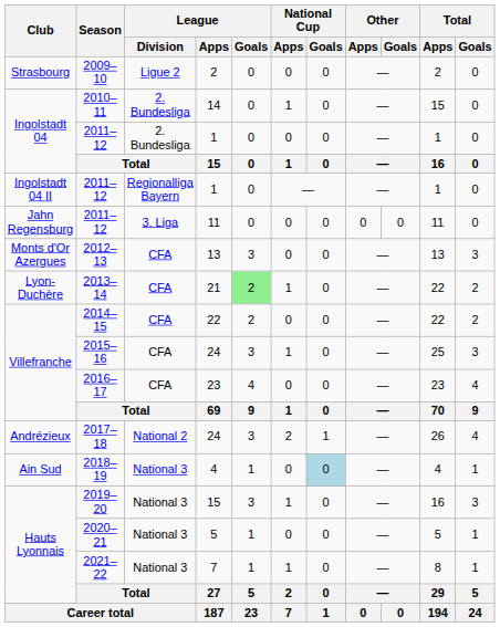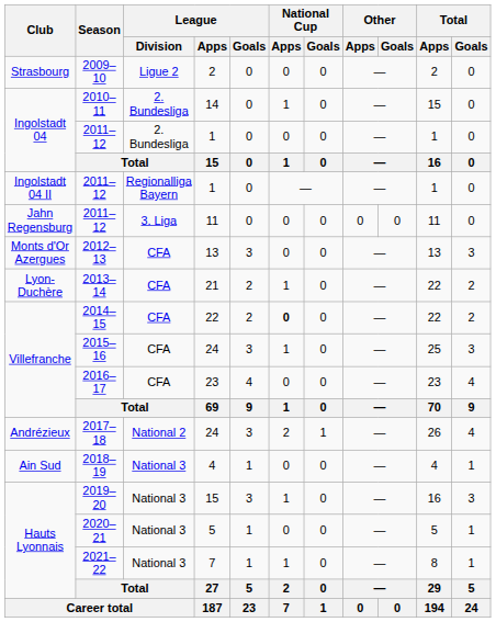 <table class="wikitable" style="text-align:center">
 <tr>
 <th rowspan="2">Club</th>
 <th rowspan="2">Season</th>
 <th colspan="3">League</th>
 <th colspan="2">National Cup</th>
 <th colspan="2">Other</th>
 <th colspan="2">Total</th>
 </tr>
 <tr>
 <th>Division</th>
 <th>Apps</th>
 <th>Goals</th>
 <th>Apps</th>
 <th>Goals</th>
 <th>Apps</th>
 <th>Goals</th>
 <th>Apps</th>
 <th>Goals</th>
 </tr>
 <tr>
 <td><a href='#'>Strasbourg</a></td>
 <td><a href='#'>2009–10</a></td>
 <td><a href='#'>Ligue 2</a></td>
 <td>2</td>
 <td>0</td>
 <td>0</td>
 <td>0</td>
 <td colspan="2">—</td>
 <td>2</td>
 <td>0</td>
 </tr>
 <tr>
 <td rowspan="3"><a href='#'>Ingolstadt 04</a></td>
 <td><a href='#'>2010–11</a></td>
 <td><a href='#'>2. Bundesliga</a></td>
 <td>14</td>
 <td>0</td>
 <td>1</td>
 <td>0</td>
 <td colspan="2">—</td>
 <td>15</td>
 <td>0</td>
 </tr>
 <tr>
 <td><a href='#'>2011–12</a></td>
 <td>2. Bundesliga</td>
 <td>1</td>
 <td>0</td>
 <td>0</td>
 <td>0</td>
 <td colspan="2">—</td>
 <td>1</td>
 <td>0</td>
 </tr>
 <tr>
 <th colspan="2">Total</th>
 <th>15</th>
 <th>0</th>
 <th>1</th>
 <th>0</th>
 <th colspan="2">—</th>
 <th>16</th>
 <th>0</th>
 </tr>
 <tr>
 <td><a href='#'>Ingolstadt 04 II</a></td>
 <td><a href='#'>2011–12</a></td>
 <td><a href='#'>Regionalliga Bayern</a></td>
 <td>1</td>
 <td>0</td>
 <td colspan="2">—</td>
 <td colspan="2">—</td>
 <td>1</td>
 <td>0</td>
 </tr>
 <tr>
 <td><a href='#'>Jahn Regensburg</a></td>
 <td><a href='#'>2011–12</a></td>
 <td><a href='#'>3. Liga</a></td>
 <td>11</td>
 <td>0</td>
 <td>0</td>
 <td>0</td>
 <td>0</td>
 <td>0</td>
 <td>11</td>
 <td>0</td>
 </tr>
 <tr>
 <td><a href='#'>Monts d'Or Azergues</a></td>
 <td><a href='#'>2012–13</a></td>
 <td><a href='#'>CFA</a></td>
 <td>13</td>
 <td>3</td>
 <td>0</td>
 <td>0</td>
 <td colspan="2">—</td>
 <td>13</td>
 <td>3</td>
 </tr>
 <tr>
 <td><a href='#'>Lyon-Duchère</a></td>
 <td><a href='#'>2013–14</a></td>
 <td><a href='#'>CFA</a></td>
 <td>21</td>
-<td style="background: lightgreen;">2</td>
+<td>2</td>
 <td>1</td>
 <td>0</td>
 <td colspan="2">—</td>
 <td>22</td>
 <td>2</td>
 </tr>
 <tr>
 <td rowspan="4"><a href='#'>Villefranche</a></td>
 <td><a href='#'>2014–15</a></td>
 <td><a href='#'>CFA</a></td>
 <td>22</td>
 <td>2</td>
-<td>0</td>
+<td><strong>0</strong></td>
 <td>0</td>
 <td colspan="2">—</td>
 <td>22</td>
 <td>2</td>
 </tr>
 <tr>
 <td><a href='#'>2015–16</a></td>
 <td>CFA</td>
 <td>24</td>
 <td>3</td>
 <td>1</td>
 <td>0</td>
 <td colspan="2">—</td>
 <td>25</td>
 <td>3</td>
 </tr>
 <tr>
 <td><a href='#'>2016–17</a></td>
 <td>CFA</td>
 <td>23</td>
 <td>4</td>
 <td>0</td>
 <td>0</td>
 <td colspan="2">—</td>
 <td>23</td>
 <td>4</td>
 </tr>
 <tr>
 <th colspan="2">Total</th>
 <th>69</th>
 <th>9</th>
 <th>1</th>
 <th>0</th>
 <th colspan="2">—</th>
 <th>70</th>
 <th>9</th>
 </tr>
 <tr>
 <td><a href='#'>Andrézieux</a></td>
 <td><a href='#'>2017–18</a></td>
 <td><a href='#'>National 2</a></td>
 <td>24</td>
 <td>3</td>
 <td>2</td>
 <td>1</td>
 <td colspan="2">—</td>
 <td>26</td>
 <td>4</td>
 </tr>
 <tr>
 <td><a href='#'>Ain Sud</a></td>
 <td><a href='#'>2018–19</a></td>
 <td><a href='#'>National 3</a></td>
 <td>4</td>
 <td>1</td>
 <td>0</td>
-<td style="background: lightblue;">0</td>
+<td>0</td>
 <td colspan="2">—</td>
 <td>4</td>
 <td>1</td>
 </tr>
 <tr>
 <td rowspan="4"><a href='#'>Hauts Lyonnais</a></td>
 <td><a href='#'>2019–20</a></td>
 <td>National 3</td>
 <td>15</td>
 <td>3</td>
 <td>1</td>
 <td>0</td>
 <td colspan="2">—</td>
 <td>16</td>
 <td>3</td>
 </tr>
 <tr>
 <td><a href='#'>2020–21</a></td>
 <td>National 3</td>
 <td>5</td>
 <td>1</td>
 <td>0</td>
 <td>0</td>
 <td colspan="2">—</td>
 <td>5</td>
 <td>1</td>
 </tr>
 <tr>
 <td><a href='#'>2021–22</a></td>
 <td>National 3</td>
 <td>7</td>
 <td>1</td>
 <td>1</td>
 <td>0</td>
 <td colspan="2">—</td>
 <td>8</td>
 <td>1</td>
 </tr>
 <tr>
 <th colspan="2">Total</th>
 <th>27</th>
 <th>5</th>
 <th>2</th>
 <th>0</th>
 <th colspan="2">—</th>
 <th>29</th>
 <th>5</th>
 </tr>
 <tr>
 <th colspan="3">Career total</th>
 <th>187</th>
 <th>23</th>
 <th>7</th>
 <th>1</th>
 <th>0</th>
 <th>0</th>
 <th>194</th>
 <th>24</th>
 </tr>
 </table>
